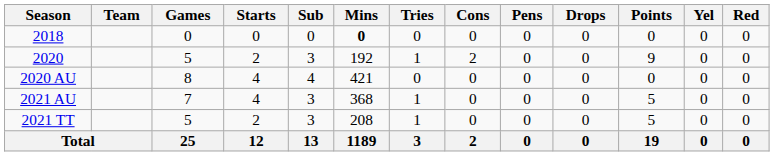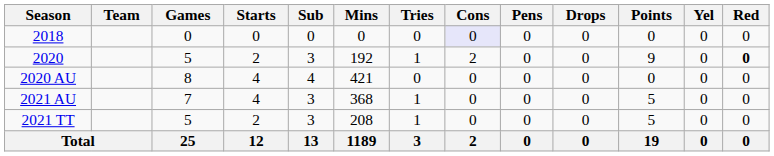 <table class="wikitable" style="text-align:center; line-height:90%; font-size:95%; width:60%;">
 <tr>
 <th>Season</th>
 <th>Team</th>
 <th>Games</th>
 <th>Starts</th>
 <th>Sub</th>
 <th>Mins</th>
 <th>Tries</th>
 <th>Cons</th>
 <th>Pens</th>
 <th>Drops</th>
 <th>Points</th>
 <th>Yel</th>
 <th>Red</th>
 </tr>
 <tr>
 <td><a href='#'>2018</a></td>
 <td></td>
 <td>0</td>
 <td>0</td>
 <td>0</td>
-<td><strong>0</strong></td>
 <td>0</td>
 <td>0</td>
+<td style="background: lavender;">0</td>
 <td>0</td>
 <td>0</td>
 <td>0</td>
 <td>0</td>
 <td>0</td>
 </tr>
 <tr>
 <td><a href='#'>2020</a></td>
 <td></td>
 <td>5</td>
 <td>2</td>
 <td>3</td>
 <td>192</td>
 <td>1</td>
 <td>2</td>
 <td>0</td>
 <td>0</td>
 <td>9</td>
 <td>0</td>
-<td>0</td>
+<td><strong>0</strong></td>
 </tr>
 <tr>
 <td><a href='#'>2020 AU</a></td>
 <td></td>
 <td>8</td>
 <td>4</td>
 <td>4</td>
 <td>421</td>
 <td>0</td>
 <td>0</td>
 <td>0</td>
 <td>0</td>
 <td>0</td>
 <td>0</td>
 <td>0</td>
 </tr>
 <tr>
 <td><a href='#'>2021 AU</a></td>
 <td></td>
 <td>7</td>
 <td>4</td>
 <td>3</td>
 <td>368</td>
 <td>1</td>
 <td>0</td>
 <td>0</td>
 <td>0</td>
 <td>5</td>
 <td>0</td>
 <td>0</td>
 </tr>
 <tr>
 <td><a href='#'>2021 TT</a></td>
 <td></td>
 <td>5</td>
 <td>2</td>
 <td>3</td>
 <td>208</td>
 <td>1</td>
 <td>0</td>
 <td>0</td>
 <td>0</td>
 <td>5</td>
 <td>0</td>
 <td>0</td>
 </tr>
 <tr>
 <th colspan="2">Total</th>
 <th>25</th>
 <th>12</th>
 <th>13</th>
 <th>1189</th>
 <th>3</th>
 <th>2</th>
 <th>0</th>
 <th>0</th>
 <th>19</th>
 <th>0</th>
 <th>0</th>
 </tr>
 </table>
